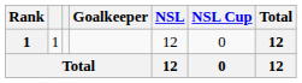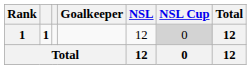 <table class="wikitable sortable" style="text-align:center">
 <tr>
 <th>Rank</th>
 <th></th>
 <th></th>
 <th>Goalkeeper</th>
 <th><a href='#'>NSL</a></th>
 <th><a href='#'>NSL Cup</a></th>
 <th>Total</th>
 </tr>
 <tr>
 <th>1</th>
-<td>1</td>
+<td><strong>1</strong></td>
 <td></td>
 <td align="left"></td>
 <td>12</td>
-<td>0</td>
+<td style="background: lightgrey;">0</td>
 <th>12</th>
 </tr>
 <tr>
 <th colspan="4">Total</th>
 <th>12</th>
 <th>0</th>
 <th>12</th>
 </tr>
 </table>
